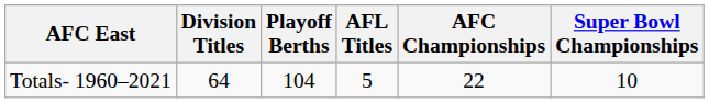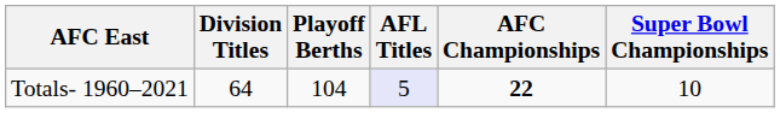 <table class="wikitable">
 <tr style="background:#efefef;">
 <th>AFC East</th>
 <th>Division <br> Titles</th>
 <th>Playoff<br> Berths</th>
 <th>AFL<br>Titles</th>
 <th>AFC<br>Championships</th>
 <th><a href='#'>Super Bowl</a><br>Championships</th>
 </tr>
 <tr>
 <td>Totals- 1960–2021</td>
 <td align="center">64</td>
 <td align="center">104</td>
-<td align="center">5</td>
-<td align="center">22</td>
+<td align="center" style="background: lavender;">5</td>
+<td align="center"><strong>22</strong></td>
 <td align="center">10</td>
 </tr>
 </table>
